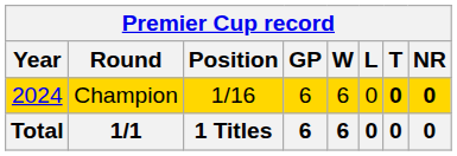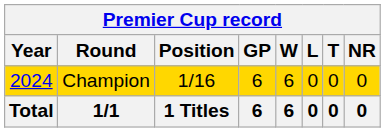 <table class="wikitable" style="text-align: center; width=900px;">
 <tr>
 <th colspan="8"><a href='#'>Premier Cup record</a></th>
 </tr>
 <tr>
 <th>Year</th>
 <th>Round</th>
 <th>Position</th>
 <th>GP</th>
 <th>W</th>
 <th>L</th>
 <th>T</th>
 <th>NR</th>
 </tr>
 <tr bgcolor=gold>
 <td><a href='#'>2024</a> </td>
 <td>Champion</td>
 <td>1/16</td>
 <td>6</td>
 <td>6</td>
 <td>0</td>
-<td><strong>0</strong></td>
-<td><strong>0</strong></td>
+<td>0</td>
+<td>0</td>
 </tr>
 <tr>
 <th>Total</th>
 <th>1/1</th>
 <th>1 Titles</th>
 <th>6</th>
 <th>6</th>
 <th>0</th>
 <th>0</th>
 <th>0</th>
 </tr>
 </table>
